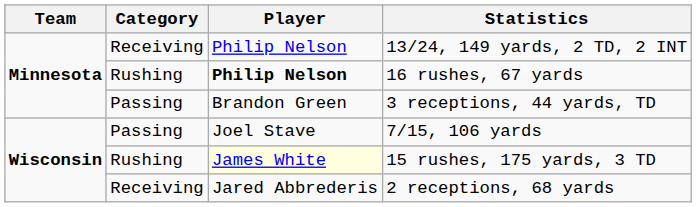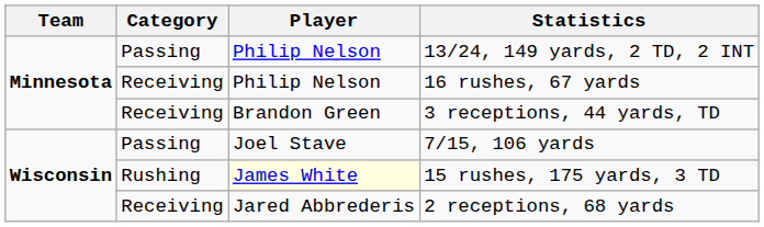 <table class="wikitable" style="float: right;">
 <tr>
 <th>Team</th>
 <th>Category</th>
 <th>Player</th>
 <th>Statistics</th>
 </tr>
 <tr>
 <td rowspan=3><strong>Minnesota</strong></td>
-<td>Receiving</td>
+<td>Passing</td>
 <td><a href='#'>Philip Nelson</a></td>
 <td>13/24, 149 yards, 2 TD, 2 INT</td>
 </tr>
 <tr>
-<td>Rushing</td>
-<td><strong>Philip Nelson</strong></td>
+<td>Receiving</td>
+<td>Philip Nelson</td>
 <td>16 rushes, 67 yards</td>
 </tr>
 <tr>
-<td>Passing</td>
+<td>Receiving</td>
 <td>Brandon Green</td>
 <td>3 receptions, 44 yards, TD</td>
 </tr>
 <tr>
 <td rowspan=3><strong>Wisconsin</strong></td>
 <td>Passing</td>
 <td>Joel Stave</td>
 <td>7/15, 106 yards</td>
 </tr>
 <tr>
 <td>Rushing</td>
 <td style="background: lightyellow;"><a href='#'>James White</a></td>
 <td>15 rushes, 175 yards, 3 TD</td>
 </tr>
 <tr>
 <td>Receiving</td>
 <td>Jared Abbrederis</td>
 <td>2 receptions, 68 yards</td>
 </tr>
 </table>
